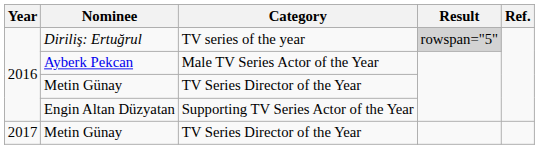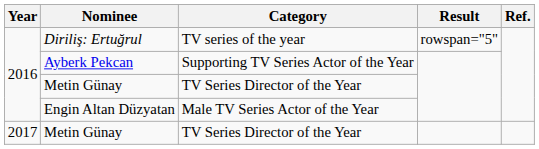 <table class="wikitable">
 <tr>
 <th>Year</th>
 <th>Nominee</th>
 <th>Category</th>
 <th>Result</th>
 <th>Ref.</th>
 </tr>
 <tr>
 <td rowspan="4">2016</td>
 <td><em>Diriliş: Ertuğrul</em></td>
 <td>TV series of the year</td>
-<td style="background: lightgrey;">rowspan="5" </td>
+<td>rowspan="5" </td>
 <td style = "text-align: center;" rowspan = "4"></td>
 </tr>
 <tr>
 <td><a href='#'>Ayberk Pekcan</a></td>
-<td>Male TV Series Actor of the Year</td>
+<td>Supporting TV Series Actor of the Year</td>
 </tr>
 <tr>
 <td>Metin Günay</td>
 <td>TV Series Director of the Year</td>
 </tr>
 <tr>
 <td>Engin Altan Düzyatan</td>
-<td>Supporting TV Series Actor of the Year</td>
+<td>Male TV Series Actor of the Year</td>
 </tr>
 <tr>
 <td>2017</td>
 <td>Metin Günay</td>
 <td>TV Series Director of the Year</td>
 <td style = "text-align: center;"></td>
 </tr>
 </table>
